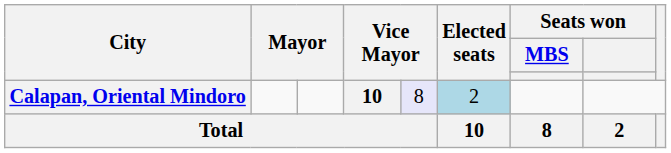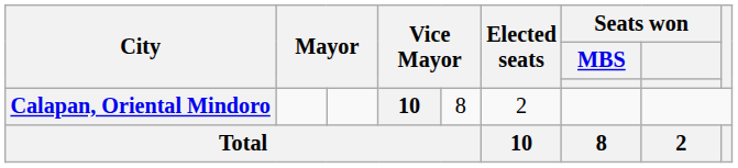 <table class="wikitable" style="text-align:center; font-size: 0.9em;">
 <tr>
 <th rowspan="3">City</th>
 <th colspan="2" rowspan="3" style="width:60px;">Mayor</th>
 <th colspan="2" rowspan="3" style="width:60px;">Vice Mayor</th>
 <th rowspan="3">Elected<br>seats</th>
 <th colspan="2">Seats won</th>
 <th rowspan="3"></th>
 </tr>
 <tr>
 <th class="unsortable" style="width:45px;"><a href='#'>MBS</a></th>
 <th class="unsortable" style="width:45px;"></th>
 </tr>
 <tr>
 <th style="color:inherit;background:"></th>
 <th style="color:inherit;background:"></th>
 </tr>
 <tr>
 <th style="text-align: left;"><a href='#'>Calapan, Oriental Mindoro</a></th>
 <td></td>
 <td></td>
 <th>10</th>
-<td style="background: lavender;">8</td>
-<td style="background: lightblue;">2</td>
+<td>8</td>
+<td>2</td>
 <td></td>
 </tr>
 <tr>
 <th colspan="5">Total</th>
 <th>10</th>
 <th>8</th>
 <th>2</th>
 <th></th>
 </tr>
 </table>
